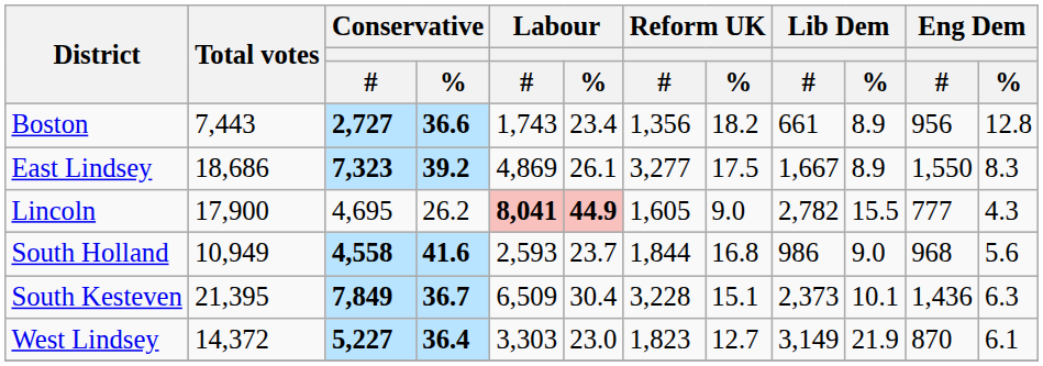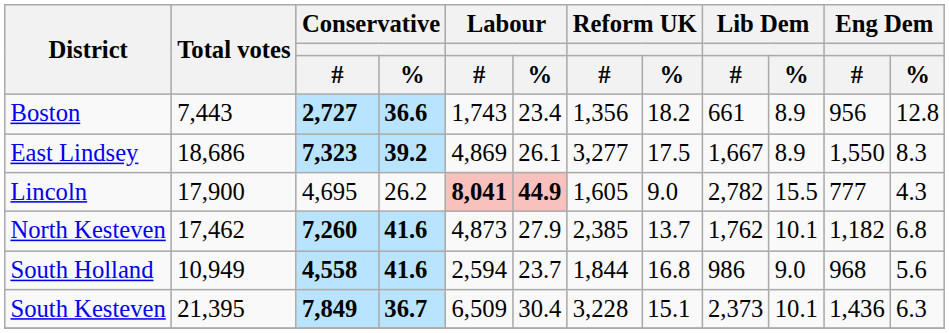 <table class="wikitable sortable">
 <tr>
 <th rowspan=3>District</th>
 <th rowspan=3>Total votes</th>
 <th colspan="2">Conservative</th>
 <th colspan="2">Labour</th>
 <th colspan="2">Reform UK</th>
 <th colspan="2">Lib Dem</th>
 <th colspan="2">Eng Dem</th>
 </tr>
 <tr>
 <th colspan="2" style="background:"></th>
 <th colspan="2" style="background:"></th>
 <th colspan="2" style="background:"></th>
 <th colspan="2" style="background:"></th>
 <th colspan="2" style="background:"></th>
 </tr>
 <tr>
 <th>#</th>
 <th>%</th>
 <th>#</th>
 <th>%</th>
 <th>#</th>
 <th>%</th>
 <th>#</th>
 <th>%</th>
 <th>#</th>
 <th>%</th>
 </tr>
 <tr>
 <td><a href='#'>Boston</a></td>
 <td>7,443</td>
 <td style="background:#B9E4FF;"><strong>2,727</strong></td>
 <td style="background:#B9E4FF;"><strong>36.6</strong></td>
 <td>1,743</td>
 <td>23.4</td>
 <td>1,356</td>
 <td>18.2</td>
 <td>661</td>
 <td>8.9</td>
 <td>956</td>
 <td>12.8</td>
 </tr>
 <tr>
 <td><a href='#'>East Lindsey</a></td>
 <td>18,686</td>
 <td style="background:#B9E4FF;"><strong>7,323</strong></td>
 <td style="background:#B9E4FF;"><strong>39.2</strong></td>
 <td>4,869</td>
 <td>26.1</td>
 <td>3,277</td>
 <td>17.5</td>
 <td>1,667</td>
 <td>8.9</td>
 <td>1,550</td>
 <td>8.3</td>
 </tr>
 <tr>
 <td><a href='#'>Lincoln</a></td>
 <td>17,900</td>
 <td>4,695</td>
 <td>26.2</td>
 <td style="background:#F8C1BE;"><strong>8,041</strong></td>
 <td style="background:#F8C1BE;"><strong>44.9</strong></td>
 <td>1,605</td>
 <td>9.0</td>
 <td>2,782</td>
 <td>15.5</td>
 <td>777</td>
 <td>4.3</td>
 </tr>
 <tr>
+<td><a href='#'>North Kesteven</a></td>
+<td>17,462</td>
+<td style="background:#B9E4FF;"><strong>7,260</strong></td>
+<td style="background:#B9E4FF;"><strong>41.6</strong></td>
+<td>4,873</td>
+<td>27.9</td>
+<td>2,385</td>
+<td>13.7</td>
+<td>1,762</td>
+<td>10.1</td>
+<td>1,182</td>
+<td>6.8</td>
+</tr>
+<tr>
 <td><a href='#'>South Holland</a></td>
 <td>10,949</td>
 <td style="background:#B9E4FF;"><strong>4,558</strong></td>
 <td style="background:#B9E4FF;"><strong>41.6</strong></td>
-<td>2,593</td>
+<td>2,594</td>
 <td>23.7</td>
 <td>1,844</td>
 <td>16.8</td>
 <td>986</td>
 <td>9.0</td>
 <td>968</td>
 <td>5.6</td>
 </tr>
 <tr>
 <td><a href='#'>South Kesteven</a></td>
 <td>21,395</td>
 <td style="background:#B9E4FF;"><strong>7,849</strong></td>
 <td style="background:#B9E4FF;"><strong>36.7</strong></td>
 <td>6,509</td>
 <td>30.4</td>
 <td>3,228</td>
 <td>15.1</td>
 <td>2,373</td>
 <td>10.1</td>
 <td>1,436</td>
 <td>6.3</td>
 </tr>
 <tr>
-<td><a href='#'>West Lindsey</a></td>
-<td>14,372</td>
-<td style="background:#B9E4FF;"><strong>5,227</strong></td>
-<td style="background:#B9E4FF;"><strong>36.4</strong></td>
-<td>3,303</td>
-<td>23.0</td>
-<td>1,823</td>
-<td>12.7</td>
-<td>3,149</td>
-<td>21.9</td>
-<td>870</td>
-<td>6.1</td>
-</tr>
-<tr>
 </tr>
 </table>
